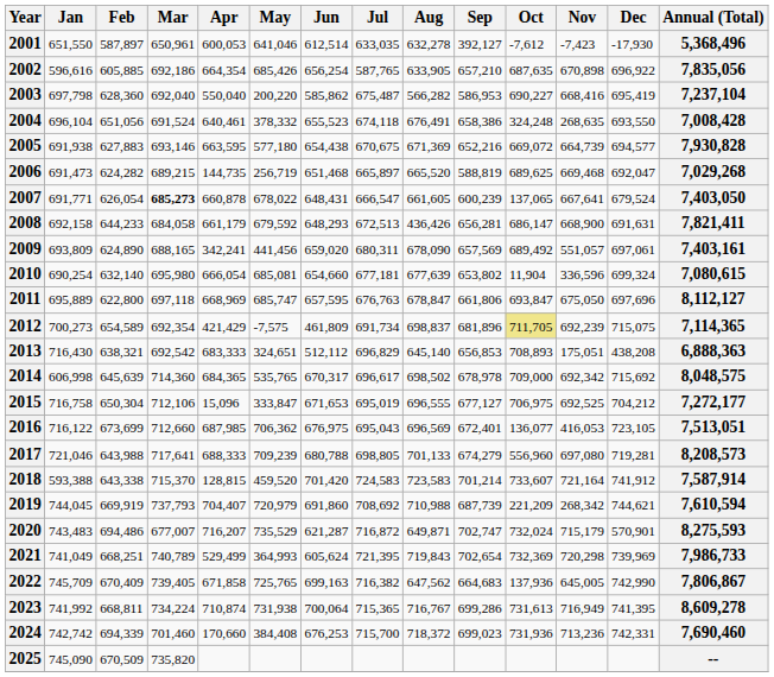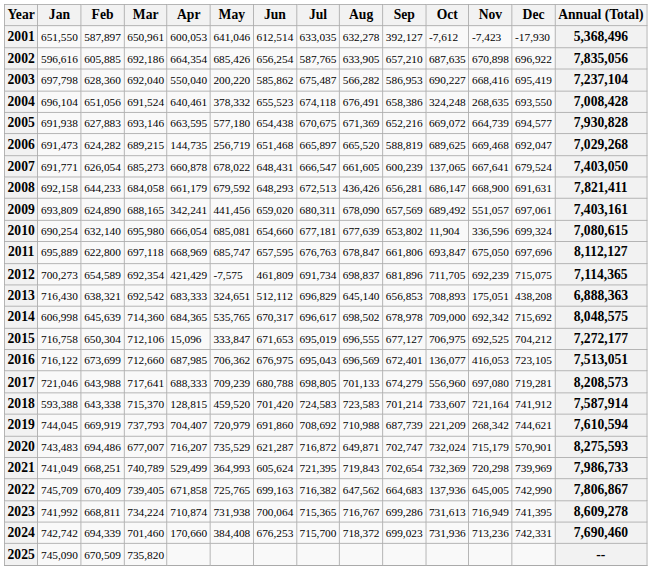 <table class="wikitable">
 <tr>
 <th>Year</th>
 <th>Jan</th>
 <th>Feb</th>
 <th>Mar</th>
 <th>Apr</th>
 <th>May</th>
 <th>Jun</th>
 <th>Jul</th>
 <th>Aug</th>
 <th>Sep</th>
 <th>Oct</th>
 <th>Nov</th>
 <th>Dec</th>
 <th>Annual (Total)</th>
 </tr>
 <tr>
 <th>2001</th>
 <td><small>651,550</small></td>
 <td><small>587,897</small></td>
 <td><small>650,961</small></td>
 <td><small>600,053</small></td>
 <td><small>641,046</small></td>
 <td><small>612,514</small></td>
 <td><small>633,035</small></td>
 <td><small>632,278</small></td>
 <td><small>392,127</small></td>
 <td><small>-7,612</small></td>
 <td><small>-7,423</small></td>
 <td><small>-17,930</small></td>
 <th>5,368,496</th>
 </tr>
 <tr>
 <th>2002</th>
 <td><small>596,616</small></td>
 <td><small>605,885</small></td>
 <td><small>692,186</small></td>
 <td><small>664,354</small></td>
 <td><small>685,426</small></td>
 <td><small>656,254</small></td>
 <td><small>587,765</small></td>
 <td><small>633,905</small></td>
 <td><small>657,210</small></td>
 <td><small>687,635</small></td>
 <td><small>670,898</small></td>
 <td><small>696,922</small></td>
 <th>7,835,056</th>
 </tr>
 <tr>
 <th>2003</th>
 <td><small>697,798</small></td>
 <td><small>628,360</small></td>
 <td><small>692,040</small></td>
 <td><small>550,040</small></td>
 <td><small>200,220</small></td>
 <td><small>585,862</small></td>
 <td><small>675,487</small></td>
 <td><small>566,282</small></td>
 <td><small>586,953</small></td>
 <td><small>690,227</small></td>
 <td><small>668,416</small></td>
 <td><small>695,419</small></td>
 <th>7,237,104</th>
 </tr>
 <tr>
 <th>2004</th>
 <td><small>696,104</small></td>
 <td><small>651,056</small></td>
 <td><small>691,524</small></td>
 <td><small>640,461</small></td>
 <td><small>378,332</small></td>
 <td><small>655,523</small></td>
 <td><small>674,118</small></td>
 <td><small>676,491</small></td>
 <td><small>658,386</small></td>
 <td><small>324,248</small></td>
 <td><small>268,635</small></td>
 <td><small>693,550</small></td>
 <th>7,008,428</th>
 </tr>
 <tr>
 <th>2005</th>
 <td><small>691,938</small></td>
 <td><small>627,883</small></td>
 <td><small>693,146</small></td>
 <td><small>663,595</small></td>
 <td><small>577,180</small></td>
 <td><small>654,438</small></td>
 <td><small>670,675</small></td>
 <td><small>671,369</small></td>
 <td><small>652,216</small></td>
 <td><small>669,072</small></td>
 <td><small>664,739</small></td>
 <td><small>694,577</small></td>
 <th>7,930,828</th>
 </tr>
 <tr>
 <th>2006</th>
 <td><small>691,473</small></td>
 <td><small>624,282</small></td>
 <td><small>689,215</small></td>
 <td><small>144,735</small></td>
 <td><small>256,719</small></td>
 <td><small>651,468</small></td>
 <td><small>665,897</small></td>
 <td><small>665,520</small></td>
 <td><small>588,819</small></td>
 <td><small>689,625</small></td>
 <td><small>669,468</small></td>
 <td><small>692,047</small></td>
 <th>7,029,268</th>
 </tr>
 <tr>
 <th>2007</th>
 <td><small>691,771</small></td>
 <td><small>626,054</small></td>
-<td><strong><small>685,273</small></strong></td>
+<td><small>685,273</small></td>
 <td><small>660,878</small></td>
 <td><small>678,022</small></td>
 <td><small>648,431</small></td>
 <td><small>666,547</small></td>
 <td><small>661,605</small></td>
 <td><small>600,239</small></td>
 <td><small>137,065</small></td>
 <td><small>667,641</small></td>
 <td><small>679,524</small></td>
 <th>7,403,050</th>
 </tr>
 <tr>
 <th>2008</th>
 <td><small>692,158</small></td>
 <td><small>644,233</small></td>
 <td><small>684,058</small></td>
 <td><small>661,179</small></td>
 <td><small>679,592</small></td>
 <td><small>648,293</small></td>
 <td><small>672,513</small></td>
 <td><small>436,426</small></td>
 <td><small>656,281</small></td>
 <td><small>686,147</small></td>
 <td><small>668,900</small></td>
 <td><small>691,631</small></td>
 <th>7,821,411</th>
 </tr>
 <tr>
 <th>2009</th>
 <td><small>693,809</small></td>
 <td><small>624,890</small></td>
 <td><small>688,165</small></td>
 <td><small>342,241</small></td>
 <td><small>441,456</small></td>
 <td><small>659,020</small></td>
 <td><small>680,311</small></td>
 <td><small>678,090</small></td>
 <td><small>657,569</small></td>
 <td><small>689,492</small></td>
 <td><small>551,057</small></td>
 <td><small>697,061</small></td>
 <th>7,403,161</th>
 </tr>
 <tr>
 <th>2010</th>
 <td><small>690,254</small></td>
 <td><small>632,140</small></td>
 <td><small>695,980</small></td>
 <td><small>666,054</small></td>
 <td><small>685,081</small></td>
 <td><small>654,660</small></td>
 <td><small>677,181</small></td>
 <td><small>677,639</small></td>
 <td><small>653,802</small></td>
 <td><small>11,904</small></td>
 <td><small>336,596</small></td>
 <td><small>699,324</small></td>
 <th>7,080,615</th>
 </tr>
 <tr>
 <th>2011</th>
 <td><small>695,889</small></td>
 <td><small>622,800</small></td>
 <td><small>697,118</small></td>
 <td><small>668,969</small></td>
 <td><small>685,747</small></td>
 <td><small>657,595</small></td>
 <td><small>676,763</small></td>
 <td><small>678,847</small></td>
 <td><small>661,806</small></td>
 <td><small>693,847</small></td>
 <td><small>675,050</small></td>
 <td><small>697,696</small></td>
 <th>8,112,127</th>
 </tr>
 <tr>
 <th>2012</th>
 <td><small>700,273</small></td>
 <td><small>654,589</small></td>
 <td><small>692,354</small></td>
 <td><small>421,429</small></td>
 <td><small>-7,575</small></td>
 <td><small>461,809</small></td>
 <td><small>691,734</small></td>
 <td><small>698,837</small></td>
 <td><small>681,896</small></td>
-<td style="background: khaki;"><small>711,705</small></td>
+<td><small>711,705</small></td>
 <td><small>692,239</small></td>
 <td><small>715,075</small></td>
 <th>7,114,365</th>
 </tr>
 <tr>
 <th>2013</th>
 <td><small>716,430</small></td>
 <td><small>638,321</small></td>
 <td><small>692,542</small></td>
 <td><small>683,333</small></td>
 <td><small>324,651</small></td>
 <td><small>512,112</small></td>
 <td><small>696,829</small></td>
 <td><small>645,140</small></td>
 <td><small>656,853</small></td>
 <td><small>708,893</small></td>
 <td><small>175,051</small></td>
 <td><small>438,208</small></td>
 <th>6,888,363</th>
 </tr>
 <tr>
 <th>2014</th>
 <td><small>606,998</small></td>
 <td><small>645,639</small></td>
 <td><small>714,360</small></td>
 <td><small>684,365</small></td>
 <td><small>535,765</small></td>
 <td><small>670,317</small></td>
 <td><small>696,617</small></td>
 <td><small>698,502</small></td>
 <td><small>678,978</small></td>
 <td><small>709,000</small></td>
 <td><small>692,342</small></td>
 <td><small>715,692</small></td>
 <th>8,048,575</th>
 </tr>
 <tr>
 <th>2015</th>
 <td><small>716,758</small></td>
 <td><small>650,304</small></td>
 <td><small>712,106</small></td>
 <td><small>15,096</small></td>
 <td><small>333,847</small></td>
 <td><small>671,653</small></td>
 <td><small>695,019</small></td>
 <td><small>696,555</small></td>
 <td><small>677,127</small></td>
 <td><small>706,975</small></td>
 <td><small>692,525</small></td>
 <td><small>704,212</small></td>
 <th>7,272,177</th>
 </tr>
 <tr>
 <th>2016</th>
 <td><small>716,122</small></td>
 <td><small>673,699</small></td>
 <td><small>712,660</small></td>
 <td><small>687,985</small></td>
 <td><small>706,362</small></td>
 <td><small>676,975</small></td>
 <td><small>695,043</small></td>
 <td><small>696,569</small></td>
 <td><small>672,401</small></td>
 <td><small>136,077</small></td>
 <td><small>416,053</small></td>
 <td><small>723,105</small></td>
 <th>7,513,051</th>
 </tr>
 <tr>
 <th>2017</th>
 <td><small>721,046</small></td>
 <td><small>643,988</small></td>
 <td><small>717,641</small></td>
 <td><small>688,333</small></td>
 <td><small>709,239</small></td>
 <td><small>680,788</small></td>
 <td><small>698,805</small></td>
 <td><small>701,133</small></td>
 <td><small>674,279</small></td>
 <td><small>556,960</small></td>
 <td><small>697,080</small></td>
 <td><small>719,281</small></td>
 <th>8,208,573</th>
 </tr>
 <tr>
 <th>2018</th>
 <td><small>593,388</small></td>
 <td><small>643,338</small></td>
 <td><small>715,370</small></td>
 <td><small>128,815</small></td>
 <td><small>459,520</small></td>
 <td><small>701,420</small></td>
 <td><small>724,583</small></td>
 <td><small>723,583</small></td>
 <td><small>701,214</small></td>
 <td><small>733,607</small></td>
 <td><small>721,164</small></td>
 <td><small>741,912</small></td>
 <th>7,587,914</th>
 </tr>
 <tr>
 <th>2019</th>
 <td><small>744,045</small></td>
 <td><small>669,919</small></td>
 <td><small>737,793</small></td>
 <td><small>704,407</small></td>
 <td><small>720,979</small></td>
 <td><small>691,860</small></td>
 <td><small>708,692</small></td>
 <td><small>710,988</small></td>
 <td><small>687,739</small></td>
 <td><small>221,209</small></td>
 <td><small>268,342</small></td>
 <td><small>744,621</small></td>
 <th>7,610,594</th>
 </tr>
 <tr>
 <th>2020</th>
 <td><small>743,483</small></td>
 <td><small>694,486</small></td>
 <td><small>677,007</small></td>
 <td><small>716,207</small></td>
 <td><small>735,529</small></td>
 <td><small>621,287</small></td>
 <td><small>716,872</small></td>
 <td><small>649,871</small></td>
 <td><small>702,747</small></td>
 <td><small>732,024</small></td>
 <td><small>715,179</small></td>
 <td><small>570,901</small></td>
 <th>8,275,593</th>
 </tr>
 <tr>
 <th>2021</th>
 <td><small>741,049</small></td>
 <td><small>668,251</small></td>
 <td><small>740,789</small></td>
 <td><small>529,499</small></td>
 <td><small>364,993</small></td>
 <td><small>605,624</small></td>
 <td><small>721,395</small></td>
 <td><small>719,843</small></td>
 <td><small>702,654</small></td>
 <td><small>732,369</small></td>
 <td><small>720,298</small></td>
 <td><small>739,969</small></td>
 <th>7,986,733</th>
 </tr>
 <tr>
 <th>2022</th>
 <td><small>745,709</small></td>
 <td><small>670,409</small></td>
 <td><small>739,405</small></td>
 <td><small>671,858</small></td>
 <td><small>725,765</small></td>
 <td><small>699,163</small></td>
 <td><small>716,382</small></td>
 <td><small>647,562</small></td>
 <td><small>664,683</small></td>
 <td><small>137,936</small></td>
 <td><small>645,005</small></td>
 <td><small>742,990</small></td>
 <th>7,806,867</th>
 </tr>
 <tr>
 <th>2023</th>
 <td><small>741,992</small></td>
 <td><small>668,811</small></td>
 <td><small>734,224</small></td>
 <td><small>710,874</small></td>
 <td><small>731,938</small></td>
 <td><small>700,064</small></td>
 <td><small>715,365</small></td>
 <td><small>716,767</small></td>
 <td><small>699,286</small></td>
 <td><small>731,613</small></td>
 <td><small>716,949</small></td>
 <td><small>741,395</small></td>
 <th>8,609,278</th>
 </tr>
 <tr>
 <th>2024</th>
 <td><small>742,742</small></td>
 <td><small>694,339</small></td>
 <td><small>701,460</small></td>
 <td><small>170,660</small></td>
 <td><small>384,408</small></td>
 <td><small>676,253</small></td>
 <td><small>715,700</small></td>
 <td><small>718,372</small></td>
 <td><small>699,023</small></td>
 <td><small>731,936</small></td>
 <td><small>713,236</small></td>
 <td><small>742,331</small></td>
 <th>7,690,460</th>
 </tr>
 <tr>
 <th>2025</th>
 <td><small>745,090</small></td>
 <td><small>670,509</small></td>
 <td><small>735,820</small></td>
 <td><small></small></td>
 <td><small></small></td>
 <td><small></small></td>
 <td><small></small></td>
 <td><small></small></td>
 <td><small></small></td>
 <td><small></small></td>
 <td><small></small></td>
 <td><small></small></td>
 <th>--</th>
 </tr>
 <tr>
 </tr>
 </table>
